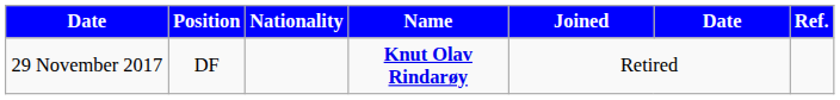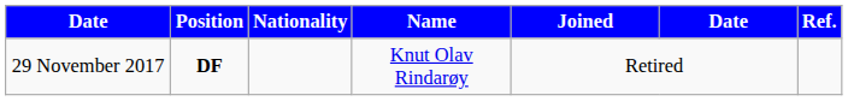 <table class="wikitable"  style="text-align:center; font-size:90%; ">
 <tr>
 <th style="background:#00f; color:white; width:200px;">Date</th>
 <th style="background:#00f; color:white; width:50px;">Position</th>
 <th style="background:#00f; color:white; width:50px;">Nationality</th>
 <th style="background:#00f; color:white; width:200px;">Name</th>
 <th style="background:#00f; color:white; width:200px;">Joined</th>
 <th style="background:#00f; color:white; width:200px;">Date</th>
 <th style="background:#00f; color:white; width:25px;">Ref.</th>
 </tr>
 <tr>
 <td>29 November 2017</td>
-<td>DF</td>
+<td><strong>DF</strong></td>
 <td></td>
-<td><strong><a href='#'>Knut Olav Rindarøy</a></strong></td>
+<td><a href='#'>Knut Olav Rindarøy</a></td>
 <td colspan="2">Retired</td>
 <td></td>
 </tr>
 </table>
